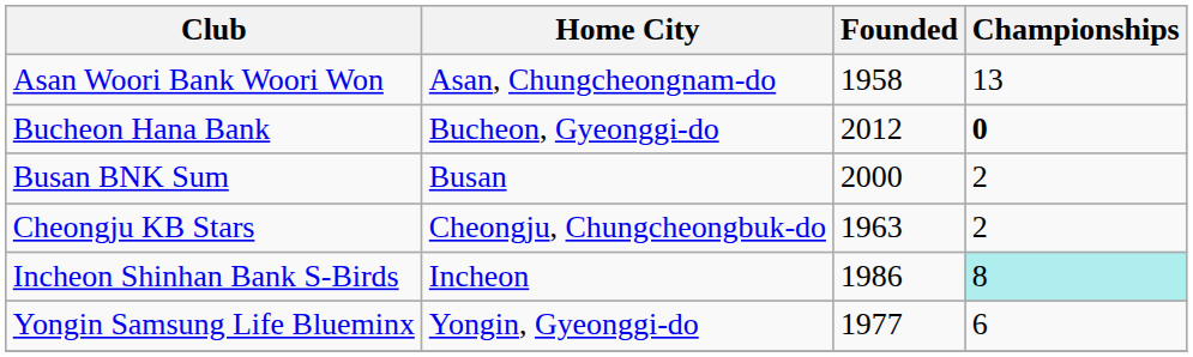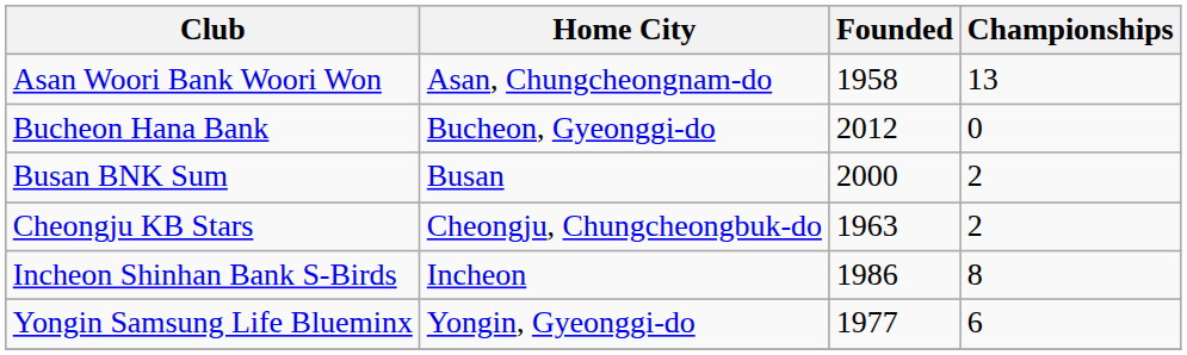 <table class="wikitable sortable">
 <tr>
 <th>Club</th>
 <th>Home City</th>
 <th>Founded</th>
 <th>Championships</th>
 </tr>
 <tr>
 <td><a href='#'>Asan Woori Bank Woori Won</a></td>
 <td><a href='#'>Asan</a>, <a href='#'>Chungcheongnam-do</a></td>
 <td>1958</td>
 <td>13</td>
 </tr>
 <tr>
 <td><a href='#'>Bucheon Hana Bank</a></td>
 <td><a href='#'>Bucheon</a>, <a href='#'>Gyeonggi-do</a></td>
 <td>2012</td>
-<td><strong>0</strong></td>
+<td>0</td>
 </tr>
 <tr>
 <td><a href='#'>Busan BNK Sum</a></td>
 <td><a href='#'>Busan</a></td>
 <td>2000</td>
 <td>2</td>
 </tr>
 <tr>
 <td><a href='#'>Cheongju KB Stars</a></td>
 <td><a href='#'>Cheongju</a>, <a href='#'>Chungcheongbuk-do</a></td>
 <td>1963</td>
 <td>2</td>
 </tr>
 <tr>
 <td><a href='#'>Incheon Shinhan Bank S-Birds</a></td>
 <td><a href='#'>Incheon</a></td>
 <td>1986</td>
-<td style="background: paleturquoise;">8</td>
+<td>8</td>
 </tr>
 <tr>
 <td><a href='#'>Yongin Samsung Life Blueminx</a></td>
 <td><a href='#'>Yongin</a>, <a href='#'>Gyeonggi-do</a></td>
 <td>1977</td>
 <td>6</td>
 </tr>
 <tr>
 </tr>
 </table>
